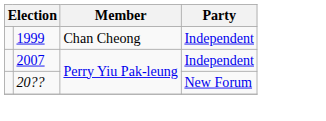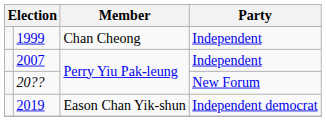 <table class="wikitable">
 <tr>
 <th colspan="2">Election</th>
 <th>Member</th>
 <th>Party</th>
 </tr>
 <tr>
 <td style="background-color:"></td>
 <td><a href='#'>1999</a></td>
 <td>Chan Cheong</td>
 <td><a href='#'>Independent</a></td>
 </tr>
 <tr>
 <td style="background-color:"></td>
 <td><a href='#'>2007</a></td>
 <td rowspan=2><a href='#'>Perry Yiu Pak-leung</a></td>
 <td><a href='#'>Independent</a></td>
 </tr>
 <tr>
 <td style="background-color:"></td>
 <td><em>20??</em></td>
 <td><a href='#'>New Forum</a></td>
 </tr>
 <tr>
+<td style="background-color:"></td>
+<td><a href='#'>2019</a></td>
+<td>Eason Chan Yik-shun</td>
+<td><a href='#'>Independent democrat</a></td>
+</tr>
+<tr>
 </tr>
 </table>
